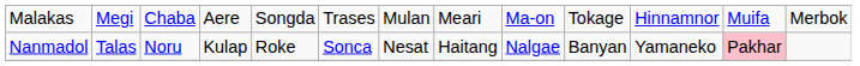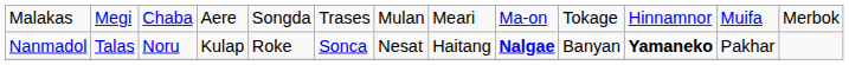 <table class="wikitable">
 <tr>
 <td>Malakas</td>
 <td><a href='#'>Megi</a></td>
 <td><a href='#'>Chaba</a></td>
 <td>Aere</td>
 <td>Songda</td>
 <td>Trases</td>
 <td>Mulan</td>
 <td>Meari</td>
 <td><a href='#'>Ma-on</a></td>
 <td>Tokage</td>
 <td><a href='#'>Hinnamnor</a></td>
 <td><a href='#'>Muifa</a></td>
 <td>Merbok</td>
 </tr>
 <tr>
 <td><a href='#'>Nanmadol</a></td>
 <td><a href='#'>Talas</a></td>
 <td><a href='#'>Noru</a></td>
 <td>Kulap</td>
 <td>Roke</td>
 <td><a href='#'>Sonca</a></td>
 <td>Nesat</td>
 <td>Haitang</td>
-<td><a href='#'>Nalgae</a></td>
+<td><strong><a href='#'>Nalgae</a></strong></td>
 <td>Banyan</td>
-<td>Yamaneko</td>
-<td style="background: pink;">Pakhar</td>
+<td><strong>Yamaneko</strong></td>
+<td>Pakhar</td>
 </tr>
 <tr>
 </tr>
 </table>
